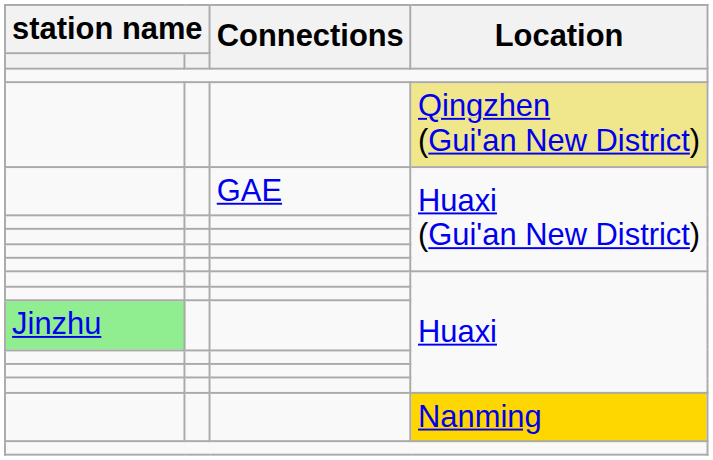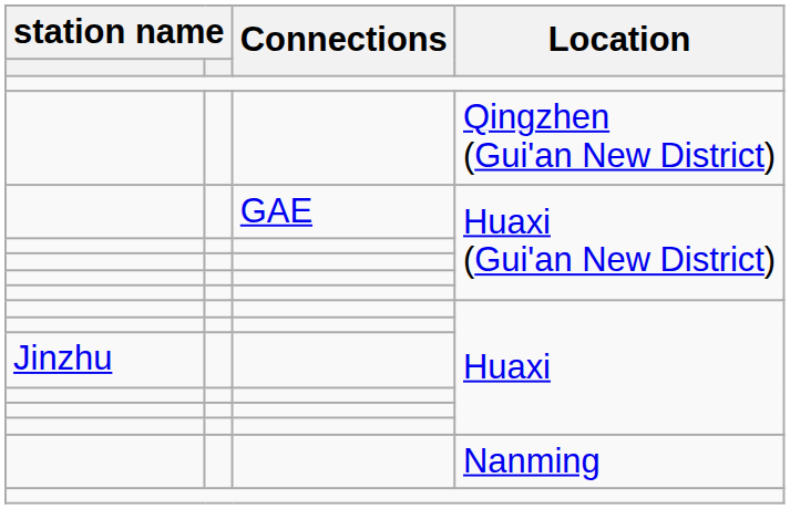 <table class="wikitable">
 <tr>
 <th colspan="2">station name</th>
 <th rowspan="2">Connections<br></th>
 <th rowspan="2">Location</th>
 </tr>
 <tr>
 <th></th>
 <th></th>
 </tr>
 <tr style="background:#">
 <td colspan = "7"></td>
 </tr>
 <tr>
 <td></td>
 <td></td>
 <td></td>
-<td rowspan="1" style="background: khaki;"><a href='#'>Qingzhen</a><br>(<a href='#'>Gui'an New District</a>)</td>
+<td rowspan="1"><a href='#'>Qingzhen</a><br>(<a href='#'>Gui'an New District</a>)</td>
 </tr>
 <tr>
 <td></td>
 <td></td>
 <td> <a href='#'>GAE</a> </td>
 <td rowspan="5"><a href='#'>Huaxi</a><br>(<a href='#'>Gui'an New District</a>)</td>
 </tr>
 <tr>
 <td></td>
 <td></td>
 <td></td>
 </tr>
 <tr>
 <td></td>
 <td></td>
 <td></td>
 </tr>
 <tr>
 <td></td>
 <td></td>
 <td></td>
 </tr>
 <tr>
 <td></td>
 <td></td>
 <td></td>
 </tr>
 <tr>
 <td></td>
 <td></td>
 <td></td>
 <td rowspan="6"><a href='#'>Huaxi</a></td>
 </tr>
 <tr>
 <td></td>
 <td></td>
 <td></td>
 </tr>
 <tr>
-<td style="background: lightgreen;"><a href='#'>Jinzhu</a></td>
+<td><a href='#'>Jinzhu</a></td>
 <td></td>
 <td></td>
 </tr>
 <tr>
 <td></td>
 <td></td>
 <td></td>
 </tr>
 <tr>
 <td></td>
 <td></td>
 <td></td>
 </tr>
 <tr>
 <td></td>
 <td></td>
 <td></td>
 </tr>
 <tr>
 <td></td>
 <td></td>
 <td></td>
-<td rowspan="1" style="background: gold;"><a href='#'>Nanming</a></td>
+<td rowspan="1"><a href='#'>Nanming</a></td>
 </tr>
 <tr style="background:#">
 <td colspan = "7"></td>
 </tr>
 </table>
